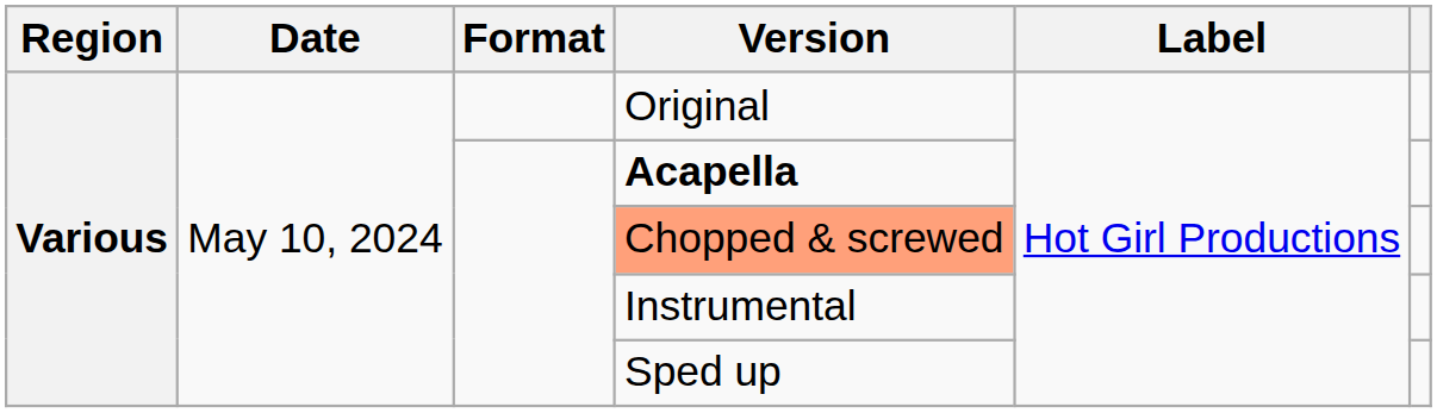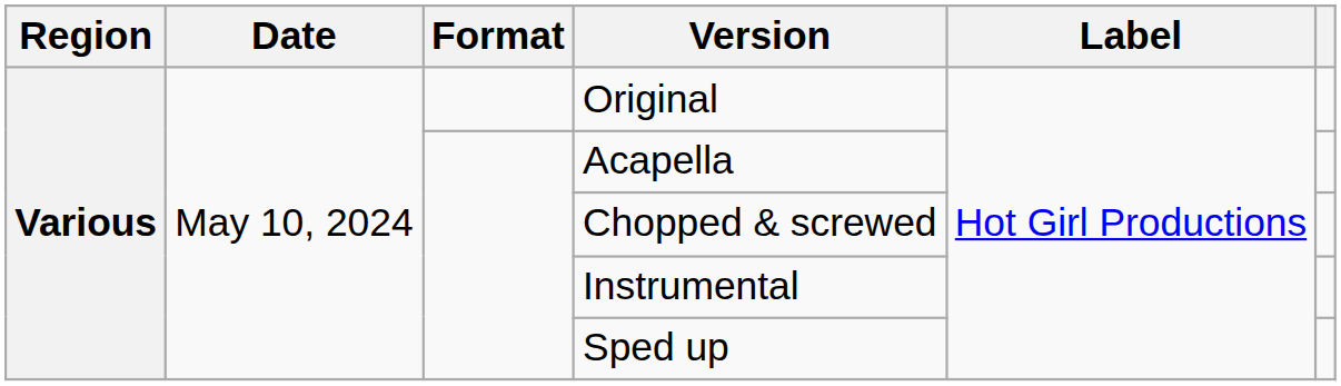 <table class="wikitable plainrowheaders">
 <tr>
 <th scope="col">Region</th>
 <th scope="col">Date</th>
 <th scope="col">Format</th>
 <th scope="col">Version</th>
 <th scope="col">Label</th>
 <th scope="col"></th>
 </tr>
 <tr>
 <th scope="row" rowspan="5">Various</th>
 <td rowspan="5">May 10, 2024</td>
 <td></td>
 <td>Original</td>
 <td rowspan="5"><a href='#'>Hot Girl Productions</a></td>
 <td style="text-align:center;"></td>
 </tr>
 <tr>
 <td rowspan="4"></td>
-<td><strong>Acapella</strong></td>
+<td>Acapella</td>
 <td style="text-align:center;"></td>
 </tr>
 <tr>
-<td style="background: lightsalmon;">Chopped & screwed</td>
+<td>Chopped & screwed</td>
 <td style="text-align:center;"></td>
 </tr>
 <tr>
 <td>Instrumental</td>
 <td style="text-align:center;"></td>
 </tr>
 <tr>
 <td>Sped up</td>
 <td style="text-align:center;"></td>
 </tr>
 </table>
